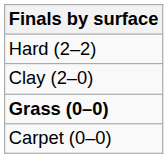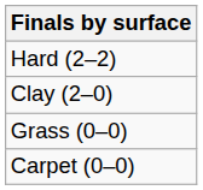 <table class=wikitable style=font-size:97%>
 <tr>
 <th>Finals by surface</th>
 </tr>
 <tr>
 <td>Hard (2–2)</td>
 </tr>
 <tr>
 <td>Clay (2–0)</td>
 </tr>
 <tr>
-<td><strong>Grass (0–0)</strong></td>
+<td>Grass (0–0)</td>
 </tr>
 <tr>
 <td>Carpet (0–0)</td>
 </tr>
 </table>
